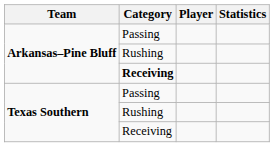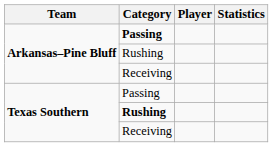 <table class="wikitable" style="float: left;">
 <tr>
 <th>Team</th>
 <th>Category</th>
 <th>Player</th>
 <th>Statistics</th>
 </tr>
 <tr>
 <td rowspan=3><strong>Arkansas–Pine Bluff</strong></td>
-<td>Passing</td>
-<td> </td>
-<td> </td>
-</tr>
-<tr>
-<td>Rushing</td>
-<td> </td>
-<td> </td>
-</tr>
-<tr>
-<td><strong>Receiving</strong></td>
-<td> </td>
-<td> </td>
-</tr>
-<tr>
-<td rowspan=3><strong>Texas Southern</strong></td>
-<td>Passing</td>
+<td><strong>Passing</strong></td>
 <td> </td>
 <td> </td>
 </tr>
 <tr>
 <td>Rushing</td>
 <td> </td>
 <td> </td>
 </tr>
 <tr>
 <td>Receiving</td>
 <td> </td>
 <td> </td>
 </tr>
+<tr>
+<td rowspan=3><strong>Texas Southern</strong></td>
+<td>Passing</td>
+<td> </td>
+<td> </td>
+</tr>
+<tr>
+<td><strong>Rushing</strong></td>
+<td> </td>
+<td> </td>
+</tr>
+<tr>
+<td>Receiving</td>
+<td> </td>
+<td> </td>
+</tr>
 </table>
